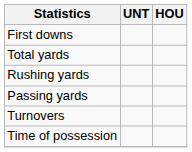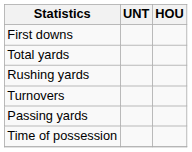 <table class="wikitable">
 <tr>
 <th>Statistics</th>
 <th>UNT</th>
 <th>HOU</th>
 </tr>
 <tr>
 <td>First downs</td>
 <td></td>
 <td></td>
 </tr>
 <tr>
 <td>Total yards</td>
 <td></td>
 <td></td>
 </tr>
 <tr>
 <td>Rushing yards</td>
 <td></td>
 <td></td>
 </tr>
 <tr>
-<td>Passing yards</td>
+<td>Turnovers</td>
 <td></td>
 <td></td>
 </tr>
 <tr>
-<td>Turnovers</td>
+<td>Passing yards</td>
 <td></td>
 <td></td>
 </tr>
 <tr>
 <td>Time of possession</td>
 <td></td>
 <td></td>
 </tr>
 <tr>
 </tr>
 </table>
